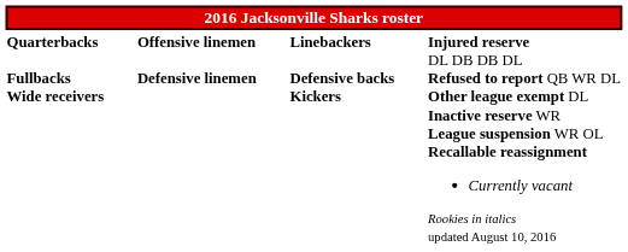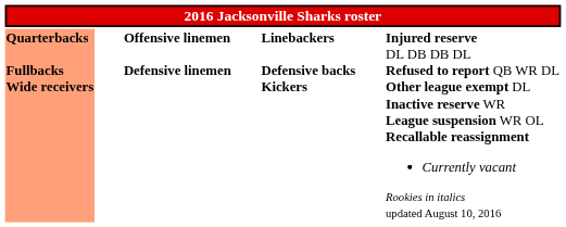 <table class="toccolours" style="text-align: left;">
 <tr>
 <th colspan=7 style="background:#d00; border: 2px solid #000; color:white; text-align:center;"><strong>2016 Jacksonville Sharks roster</strong></th>
 </tr>
 <tr>
-<td style="font-size: 95%;vertical-align:top;"><strong>Quarterbacks</strong><br> <br><strong>Fullbacks</strong> <br><strong>Wide receivers</strong>     </td>
+<td style="background: lightsalmon; font-size: 95%;vertical-align:top;"><strong>Quarterbacks</strong><br> <br><strong>Fullbacks</strong> <br><strong>Wide receivers</strong>     </td>
 <td style="width: 25px;"></td>
 <td style="font-size: 95%;vertical-align:top;"><strong>Offensive linemen</strong><br>   <br><strong>Defensive linemen</strong>     </td>
 <td style="width: 25px;"></td>
 <td style="font-size: 95%;vertical-align:top;"><strong>Linebackers</strong><br> <br><strong>Defensive backs</strong>    <br><strong>Kickers</strong> </td>
 <td style="width: 25px;"></td>
 <td style="font-size: 95%;vertical-align:top;"><strong>Injured reserve</strong><br> DL  DB  DB  DL<br><strong>Refused to report</strong>  QB  WR  DL<br><strong>Other league exempt</strong>   DL<br><strong>Inactive reserve</strong>  WR<br><strong>League suspension</strong>  WR  OL<br><strong>Recallable reassignment</strong><ul><li><em>Currently vacant</em></li></ul><small><em>Rookies in italics</em><br><span> </span> updated August 10, 2016</small><br> </td>
 </tr>
 <tr>
 </tr>
 </table>
